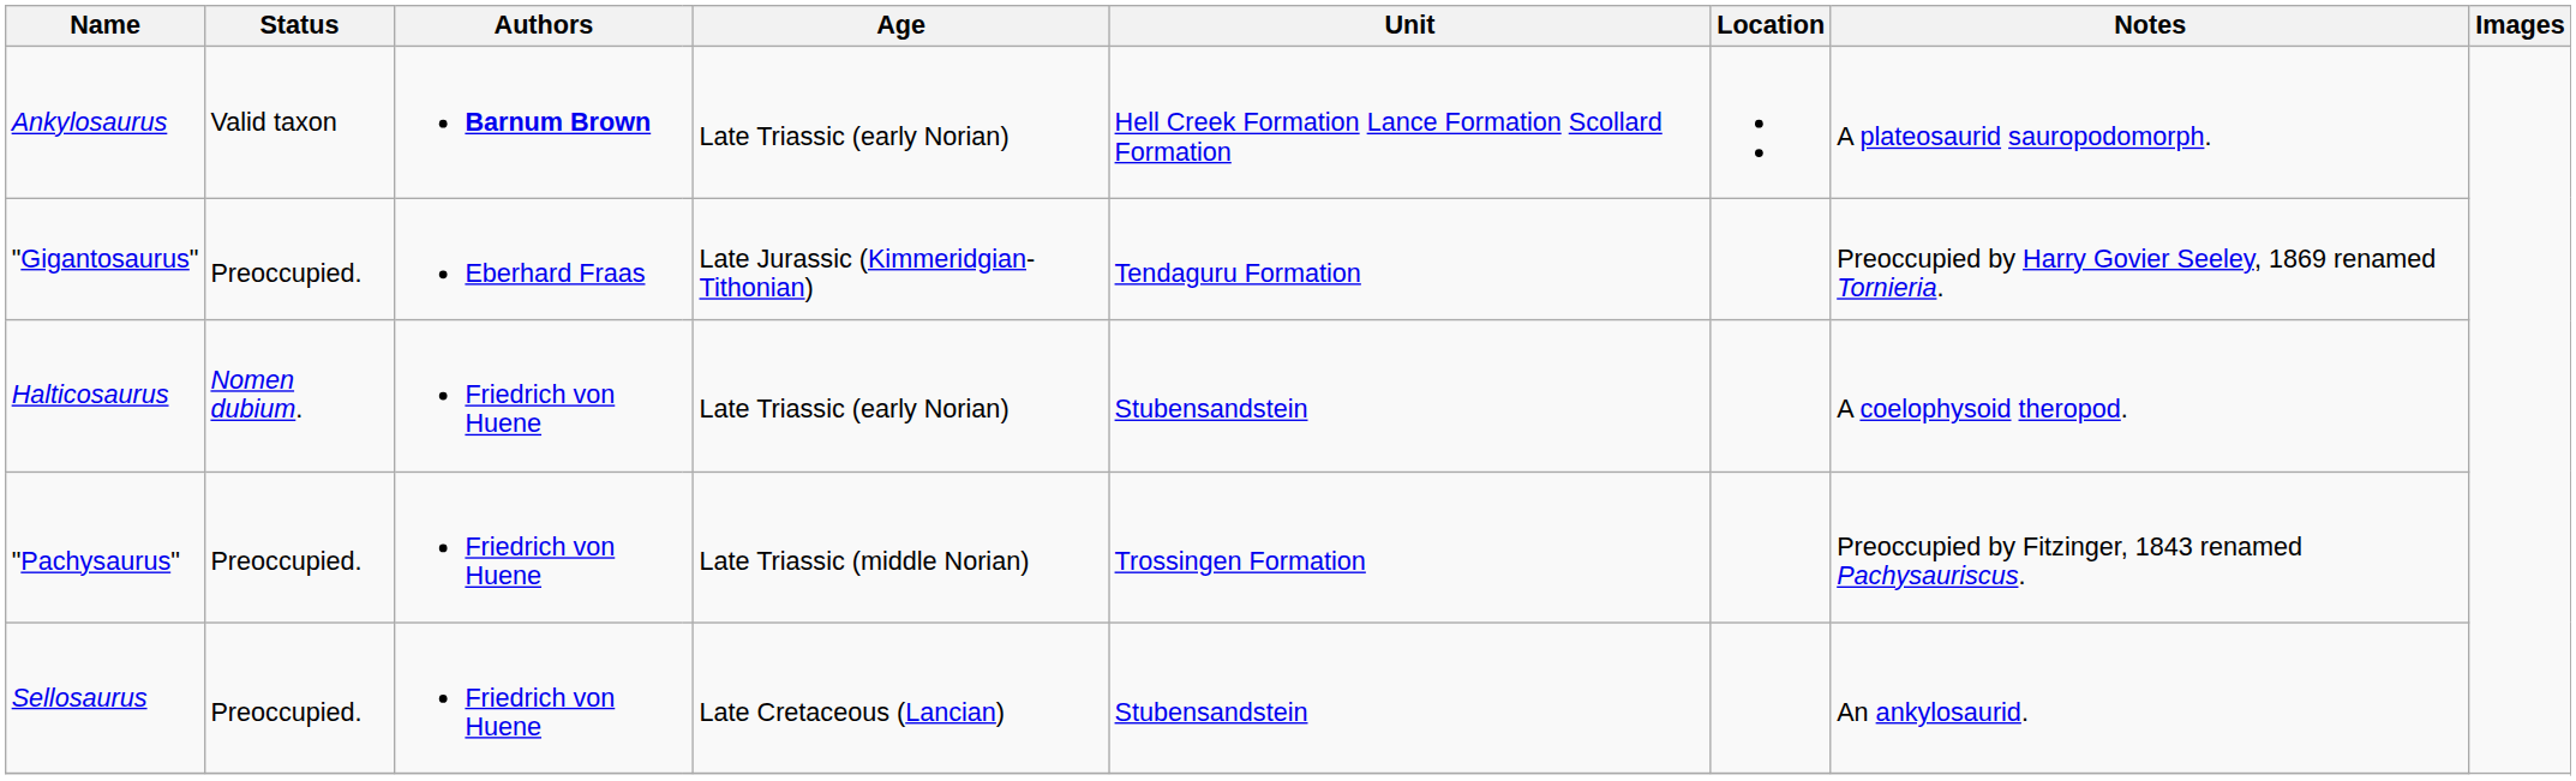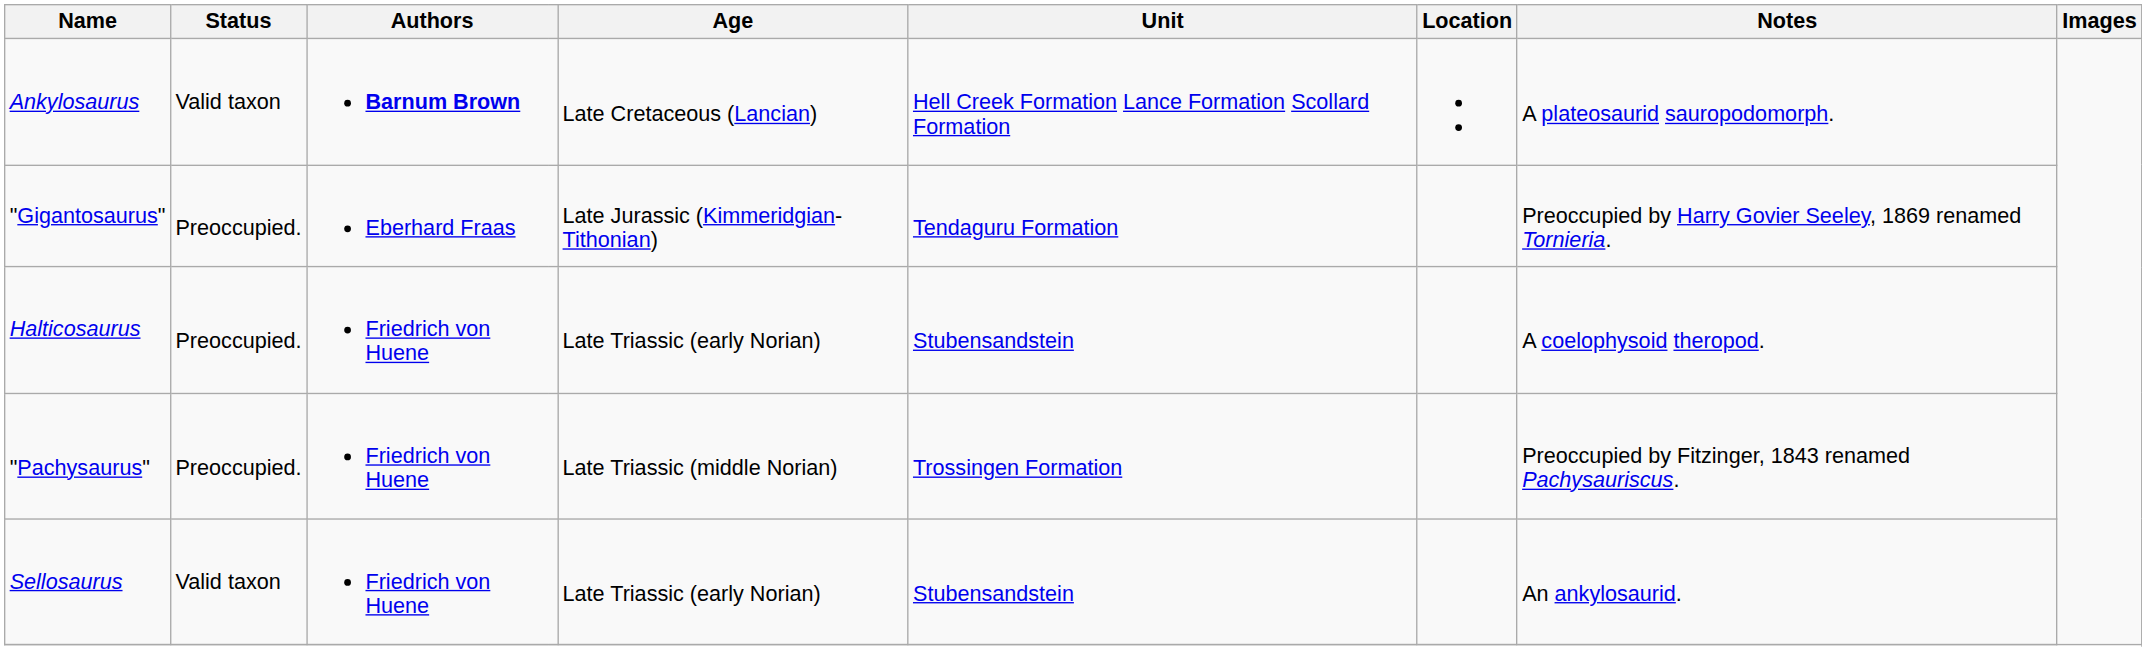 <table class="wikitable sortable" align="center" width="100%">
 <tr>
 <th>Name</th>
 <th>Status</th>
 <th colspan="2">Authors</th>
 <th>Age</th>
 <th>Unit</th>
 <th>Location</th>
 <th class="unsortable">Notes</th>
 <th class="unsortable">Images</th>
 </tr>
 <tr>
 <td><em><a href='#'>Ankylosaurus</a></em></td>
 <td>Valid taxon</td>
 <td style="border-right:0px" valign="top"><strong><br><ul><li><a href='#'>Barnum Brown</a></li></ul></strong></td>
 <td style="border-left:0px" valign="top"></td>
-<td><br>Late Triassic (early Norian)</td>
+<td><br>Late Cretaceous (<a href='#'>Lancian</a>)</td>
 <td><br><a href='#'>Hell Creek Formation</a> <a href='#'>Lance Formation</a> <a href='#'>Scollard Formation</a></td>
 <td><br><ul><li></li><li></li></ul></td>
 <td><br>A <a href='#'>plateosaurid</a> <a href='#'>sauropodomorph</a>.</td>
 <td rowspan="99"></td>
 </tr>
 <tr>
 <td>"<a href='#'>Gigantosaurus</a>"</td>
 <td><br>Preoccupied.</td>
 <td style="border-right:0px" valign="top"><br><ul><li><a href='#'>Eberhard Fraas</a></li></ul></td>
 <td style="border-left:0px" valign="top"></td>
 <td><br>Late Jurassic (<a href='#'>Kimmeridgian</a>-<a href='#'>Tithonian</a>)</td>
 <td><br><a href='#'>Tendaguru Formation</a></td>
 <td><br></td>
 <td><br>Preoccupied by <a href='#'>Harry Govier Seeley</a>, 1869 renamed <em><a href='#'>Tornieria</a></em>.</td>
 </tr>
 <tr>
 <td><em><a href='#'>Halticosaurus</a></em></td>
-<td><em><a href='#'>Nomen dubium</a></em>.</td>
+<td><br>Preoccupied.</td>
 <td style="border-right:0px" valign="top"><br><ul><li><a href='#'>Friedrich von Huene</a></li></ul></td>
 <td style="border-left:0px" valign="top"></td>
 <td><br>Late Triassic (early Norian)</td>
 <td><br><a href='#'>Stubensandstein</a></td>
 <td><br></td>
 <td><br>A <a href='#'>coelophysoid</a> <a href='#'>theropod</a>.</td>
 </tr>
 <tr>
 <td><br>"<a href='#'>Pachysaurus</a>"</td>
 <td><br>Preoccupied.</td>
 <td style="border-right:0px" valign="top"><br><ul><li><a href='#'>Friedrich von Huene</a></li></ul></td>
 <td style="border-left:0px" valign="top"></td>
 <td><br>Late Triassic (middle Norian)</td>
 <td><br><a href='#'>Trossingen Formation</a></td>
 <td><br></td>
 <td><br>Preoccupied by Fitzinger, 1843 renamed <em><a href='#'>Pachysauriscus</a></em>.</td>
 </tr>
 <tr>
 <td><em><a href='#'>Sellosaurus</a></em></td>
-<td><br>Preoccupied.</td>
+<td>Valid taxon</td>
 <td style="border-right:0px" valign="top"><br><ul><li><a href='#'>Friedrich von Huene</a></li></ul></td>
 <td style="border-left:0px" valign="top"></td>
-<td><br>Late Cretaceous (<a href='#'>Lancian</a>)</td>
+<td><br>Late Triassic (early Norian)</td>
 <td><br><a href='#'>Stubensandstein</a></td>
 <td><br></td>
 <td><br>An <a href='#'>ankylosaurid</a>.</td>
 </tr>
 <tr>
 </tr>
 </table>
